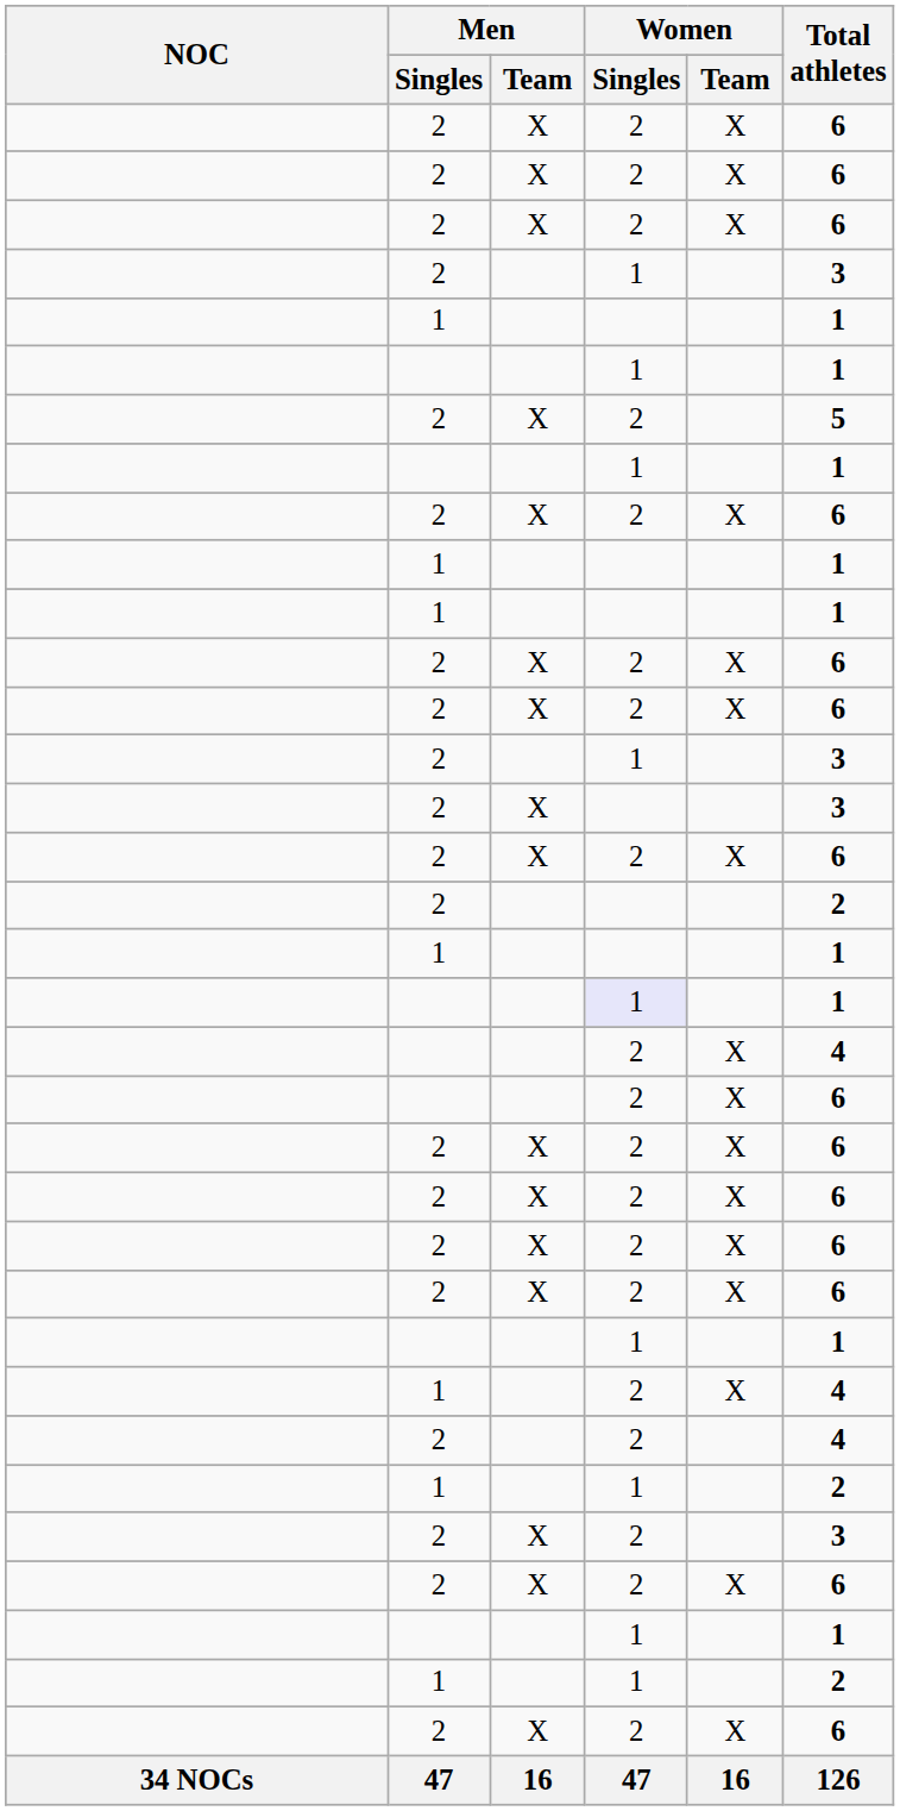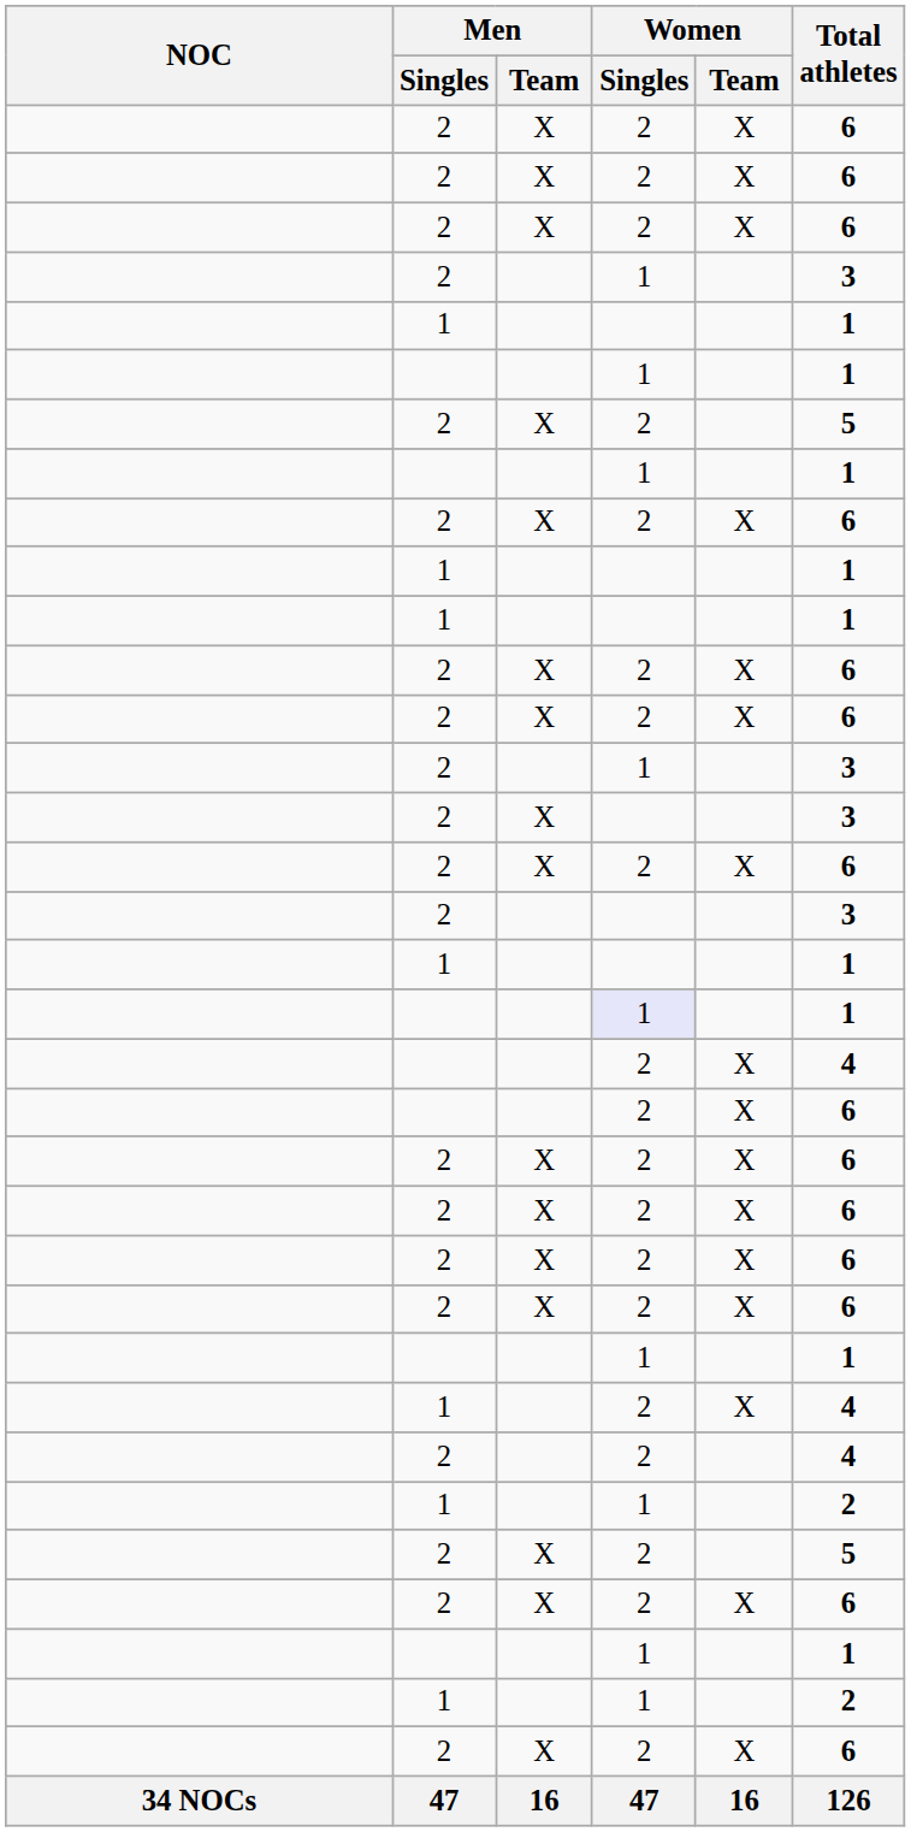 <table class="wikitable" style="text-align:center; font-size:90%">
 <tr>
 <th rowspan=2 width=180 align=left>NOC</th>
 <th colspan=2>Men</th>
 <th colspan=2>Women</th>
 <th rowspan=2>Total<br>athletes</th>
 </tr>
 <tr>
 <th width=40>Singles</th>
 <th width=40>Team</th>
 <th width=40>Singles</th>
 <th width=40>Team</th>
 </tr>
 <tr>
 <td align=left></td>
 <td>2</td>
 <td>X</td>
 <td>2</td>
 <td>X</td>
 <td><strong>6</strong></td>
 </tr>
 <tr>
 <td align=left></td>
 <td>2</td>
 <td>X</td>
 <td>2</td>
 <td>X</td>
 <td><strong>6</strong></td>
 </tr>
 <tr>
 <td align=left></td>
 <td>2</td>
 <td>X</td>
 <td>2</td>
 <td>X</td>
 <td><strong>6</strong></td>
 </tr>
 <tr>
 <td align=left></td>
 <td>2</td>
 <td></td>
 <td>1</td>
 <td></td>
 <td><strong>3</strong></td>
 </tr>
 <tr>
 <td align=left></td>
 <td>1</td>
 <td></td>
 <td></td>
 <td></td>
 <td><strong>1</strong></td>
 </tr>
 <tr>
 <td align=left></td>
 <td></td>
 <td></td>
 <td>1</td>
 <td></td>
 <td><strong>1</strong></td>
 </tr>
 <tr>
 <td align=left></td>
 <td>2</td>
 <td>X</td>
 <td>2</td>
 <td></td>
 <td><strong>5</strong></td>
 </tr>
 <tr>
 <td align=left></td>
 <td></td>
 <td></td>
 <td>1</td>
 <td></td>
 <td><strong>1</strong></td>
 </tr>
 <tr>
 <td align=left></td>
 <td>2</td>
 <td>X</td>
 <td>2</td>
 <td>X</td>
 <td><strong>6</strong></td>
 </tr>
 <tr>
 <td align=left></td>
 <td>1</td>
 <td></td>
 <td></td>
 <td></td>
 <td><strong>1</strong></td>
 </tr>
 <tr>
 <td align=left></td>
 <td>1</td>
 <td></td>
 <td></td>
 <td></td>
 <td><strong>1</strong></td>
 </tr>
 <tr>
 <td align=left></td>
 <td>2</td>
 <td>X</td>
 <td>2</td>
 <td>X</td>
 <td><strong>6</strong></td>
 </tr>
 <tr>
 <td align=left></td>
 <td>2</td>
 <td>X</td>
 <td>2</td>
 <td>X</td>
 <td><strong>6</strong></td>
 </tr>
 <tr>
 <td align=left></td>
 <td>2</td>
 <td></td>
 <td>1</td>
 <td></td>
 <td><strong>3</strong></td>
 </tr>
 <tr>
 <td align=left></td>
 <td>2</td>
 <td>X</td>
 <td></td>
 <td></td>
 <td><strong>3</strong></td>
 </tr>
 <tr>
 <td align=left></td>
 <td>2</td>
 <td>X</td>
 <td>2</td>
 <td>X</td>
 <td><strong>6</strong></td>
 </tr>
 <tr>
 <td align=left></td>
 <td>2</td>
 <td></td>
 <td></td>
 <td></td>
-<td><strong>2</strong></td>
+<td><strong>3</strong></td>
 </tr>
 <tr>
 <td align=left></td>
 <td>1</td>
 <td></td>
 <td></td>
 <td></td>
 <td><strong>1</strong></td>
 </tr>
 <tr>
 <td align=left></td>
 <td></td>
 <td></td>
 <td style="background: lavender;">1</td>
 <td></td>
 <td><strong>1</strong></td>
 </tr>
 <tr>
 <td align=left></td>
 <td></td>
 <td></td>
 <td>2</td>
 <td>X</td>
 <td><strong>4</strong></td>
 </tr>
 <tr>
 <td align=left></td>
 <td></td>
 <td></td>
 <td>2</td>
 <td>X</td>
 <td><strong>6</strong></td>
 </tr>
 <tr>
 <td align=left></td>
 <td>2</td>
 <td>X</td>
 <td>2</td>
 <td>X</td>
 <td><strong>6</strong></td>
 </tr>
 <tr>
 <td align=left></td>
 <td>2</td>
 <td>X</td>
 <td>2</td>
 <td>X</td>
 <td><strong>6</strong></td>
 </tr>
 <tr>
 <td align=left></td>
 <td>2</td>
 <td>X</td>
 <td>2</td>
 <td>X</td>
 <td><strong>6</strong></td>
 </tr>
 <tr>
 <td align=left></td>
 <td>2</td>
 <td>X</td>
 <td>2</td>
 <td>X</td>
 <td><strong>6</strong></td>
 </tr>
 <tr>
 <td align=left></td>
 <td></td>
 <td></td>
 <td>1</td>
 <td></td>
 <td><strong>1</strong></td>
 </tr>
 <tr>
 <td align=left></td>
 <td>1</td>
 <td></td>
 <td>2</td>
 <td>X</td>
 <td><strong>4</strong></td>
 </tr>
 <tr>
 <td align=left></td>
 <td>2</td>
 <td></td>
 <td>2</td>
 <td></td>
 <td><strong>4</strong></td>
 </tr>
 <tr>
 <td align=left></td>
 <td>1</td>
 <td></td>
 <td>1</td>
 <td></td>
 <td><strong>2</strong></td>
 </tr>
 <tr>
 <td align=left></td>
 <td>2</td>
 <td>X</td>
 <td>2</td>
 <td></td>
-<td><strong>3</strong></td>
+<td><strong>5</strong></td>
 </tr>
 <tr>
 <td align=left></td>
 <td>2</td>
 <td>X</td>
 <td>2</td>
 <td>X</td>
 <td><strong>6</strong></td>
 </tr>
 <tr>
 <td align=left></td>
 <td></td>
 <td></td>
 <td>1</td>
 <td></td>
 <td><strong>1</strong></td>
 </tr>
 <tr>
 <td align=left></td>
 <td>1</td>
 <td></td>
 <td>1</td>
 <td></td>
 <td><strong>2</strong></td>
 </tr>
 <tr>
 <td align=left></td>
 <td>2</td>
 <td>X</td>
 <td>2</td>
 <td>X</td>
 <td><strong>6</strong></td>
 </tr>
 <tr>
 <th>34 NOCs</th>
 <th>47</th>
 <th>16</th>
 <th>47</th>
 <th>16</th>
 <th>126</th>
 </tr>
 </table>
